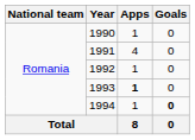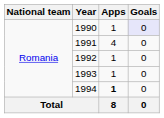 <table class="wikitable" style="text-align:center">
 <tr>
 <th>National team</th>
 <th>Year</th>
 <th>Apps</th>
 <th>Goals</th>
 </tr>
 <tr>
 <td rowspan="5"><a href='#'>Romania</a></td>
 <td>1990</td>
 <td>1</td>
-<td>0</td>
+<td style="background: lavender;">0</td>
 </tr>
 <tr>
 <td>1991</td>
 <td>4</td>
 <td>0</td>
 </tr>
 <tr>
 <td>1992</td>
 <td>1</td>
 <td>0</td>
 </tr>
 <tr>
 <td>1993</td>
-<td><strong>1</strong></td>
+<td>1</td>
 <td>0</td>
 </tr>
 <tr>
 <td>1994</td>
-<td>1</td>
-<td><strong>0</strong></td>
+<td><strong>1</strong></td>
+<td>0</td>
 </tr>
 <tr>
 <th colspan="2">Total</th>
 <th>8</th>
 <th>0</th>
 </tr>
 </table>
